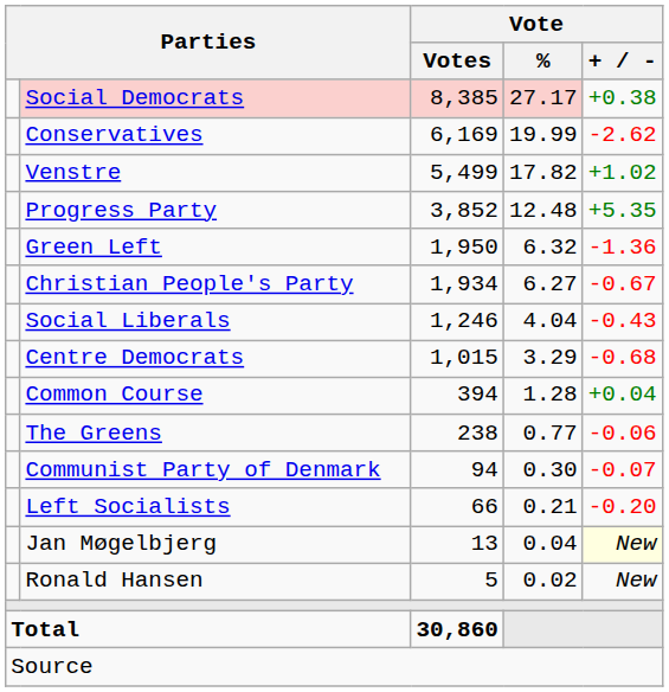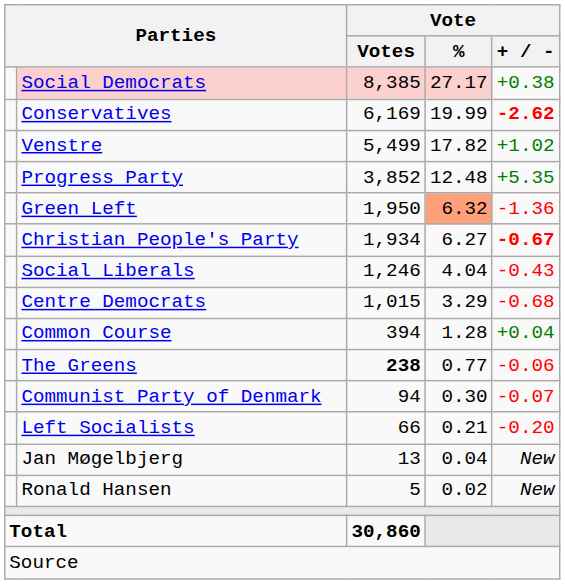 <table class="wikitable" style="text-align:right;">
 <tr>
 <th style="text-align:centre;" rowspan="2" colspan="2" width="225">Parties</th>
 <th colspan="3">Vote</th>
 </tr>
 <tr>
 <th width="15">Votes</th>
 <th width="15">%</th>
 <th width="15">+ / -</th>
 </tr>
 <tr>
 <td width="2" style="color:inherit;background:"></td>
 <td bgcolor=#fbd0ce  align="left"><a href='#'>Social Democrats</a></td>
 <td bgcolor=#fbd0ce>8,385</td>
 <td bgcolor=#fbd0ce>27.17</td>
 <td style=color:green;>+0.38</td>
 </tr>
 <tr>
 <td width="2" style="color:inherit;background:"></td>
 <td align="left"><a href='#'>Conservatives</a></td>
 <td>6,169</td>
 <td>19.99</td>
-<td style=color:red;>-2.62</td>
+<td style=color:red;><strong>-2.62</strong></td>
 </tr>
 <tr>
 <td width="2" style="color:inherit;background:"></td>
 <td align="left"><a href='#'>Venstre</a></td>
 <td>5,499</td>
 <td>17.82</td>
 <td style=color:green;>+1.02</td>
 </tr>
 <tr>
 <td width="2" style="color:inherit;background:"></td>
 <td align="left"><a href='#'>Progress Party</a></td>
 <td>3,852</td>
 <td>12.48</td>
 <td style=color:green;>+5.35</td>
 </tr>
 <tr>
 <td width="2" style="color:inherit;background:"></td>
 <td align="left"><a href='#'>Green Left</a></td>
 <td>1,950</td>
-<td>6.32</td>
+<td style="background: lightsalmon;">6.32</td>
 <td style=color:red;>-1.36</td>
 </tr>
 <tr>
 <td width="2" style="color:inherit;background:"></td>
 <td align="left"><a href='#'>Christian People's Party</a></td>
 <td>1,934</td>
 <td>6.27</td>
-<td style=color:red;>-0.67</td>
+<td style=color:red;><strong>-0.67</strong></td>
 </tr>
 <tr>
 <td width="2" style="color:inherit;background:"></td>
 <td align="left"><a href='#'>Social Liberals</a></td>
 <td>1,246</td>
 <td>4.04</td>
 <td style=color:red;>-0.43</td>
 </tr>
 <tr>
 <td width="2" style="color:inherit;background:"></td>
 <td align="left"><a href='#'>Centre Democrats</a></td>
 <td>1,015</td>
 <td>3.29</td>
 <td style=color:red;>-0.68</td>
 </tr>
 <tr>
 <td width="2" style="color:inherit;background:"></td>
 <td align="left"><a href='#'>Common Course</a></td>
 <td>394</td>
 <td>1.28</td>
 <td style=color:green;>+0.04</td>
 </tr>
 <tr>
 <td width="2" style="color:inherit;background:"></td>
 <td align="left"><a href='#'>The Greens</a></td>
-<td>238</td>
+<td><strong>238</strong></td>
 <td>0.77</td>
 <td style=color:red;>-0.06</td>
 </tr>
 <tr>
 <td width="2" style="color:inherit;background:"></td>
 <td align="left"><a href='#'>Communist Party of Denmark</a></td>
 <td>94</td>
 <td>0.30</td>
 <td style=color:red;>-0.07</td>
 </tr>
 <tr>
 <td width="2" style="color:inherit;background:"></td>
 <td align="left"><a href='#'>Left Socialists</a></td>
 <td>66</td>
 <td>0.21</td>
 <td style=color:red;>-0.20</td>
 </tr>
 <tr>
 <td width="2" style="color:inherit;background:"></td>
 <td align="left">Jan Møgelbjerg</td>
 <td>13</td>
 <td>0.04</td>
-<td style="background: lightyellow;"><em>New</em></td>
+<td><em>New</em></td>
 </tr>
 <tr>
 <td width="2" style="color:inherit;background:"></td>
 <td align="left">Ronald Hansen</td>
 <td>5</td>
 <td>0.02</td>
 <td><em>New</em></td>
 </tr>
 <tr>
 <td colspan="7" bgcolor="#E9E9E9"></td>
 </tr>
 <tr>
 <td align="left" colspan="2"><strong>Total</strong></td>
 <td><strong>30,860</strong></td>
 <td bgcolor="#E9E9E9" colspan="2"></td>
 </tr>
 <tr>
 <td align="left" colspan="6">Source</td>
 </tr>
 </table>
